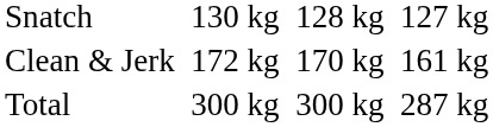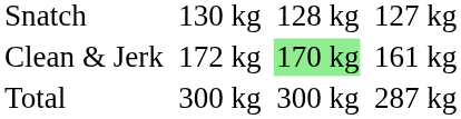 <table>
 <tr>
 <td>Snatch</td>
 <td></td>
 <td>130 kg</td>
 <td></td>
 <td>128 kg</td>
 <td></td>
 <td>127 kg</td>
 </tr>
 <tr>
 <td>Clean & Jerk</td>
 <td></td>
 <td>172 kg</td>
 <td></td>
-<td>170 kg</td>
+<td style="background: lightgreen;">170 kg</td>
 <td></td>
 <td>161 kg</td>
 </tr>
 <tr>
 <td>Total</td>
 <td></td>
 <td>300 kg</td>
 <td></td>
 <td>300 kg</td>
 <td></td>
 <td>287 kg</td>
 </tr>
 </table>
